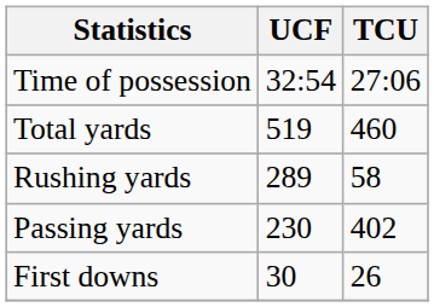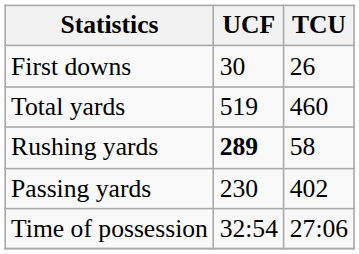 <table class="wikitable" style="float: right;">
 <tr>
 <th>Statistics</th>
 <th>UCF</th>
 <th>TCU</th>
 </tr>
 <tr>
-<td>Time of possession</td>
-<td>32:54</td>
-<td>27:06</td>
+<td>First downs</td>
+<td>30</td>
+<td>26</td>
 </tr>
 <tr>
 <td>Total yards</td>
 <td>519</td>
 <td>460</td>
 </tr>
 <tr>
 <td>Rushing yards</td>
-<td>289</td>
+<td><strong>289</strong></td>
 <td>58</td>
 </tr>
 <tr>
 <td>Passing yards</td>
 <td>230</td>
 <td>402</td>
 </tr>
 <tr>
-<td>First downs</td>
-<td>30</td>
-<td>26</td>
+<td>Time of possession</td>
+<td>32:54</td>
+<td>27:06</td>
 </tr>
 <tr>
 </tr>
 </table>
